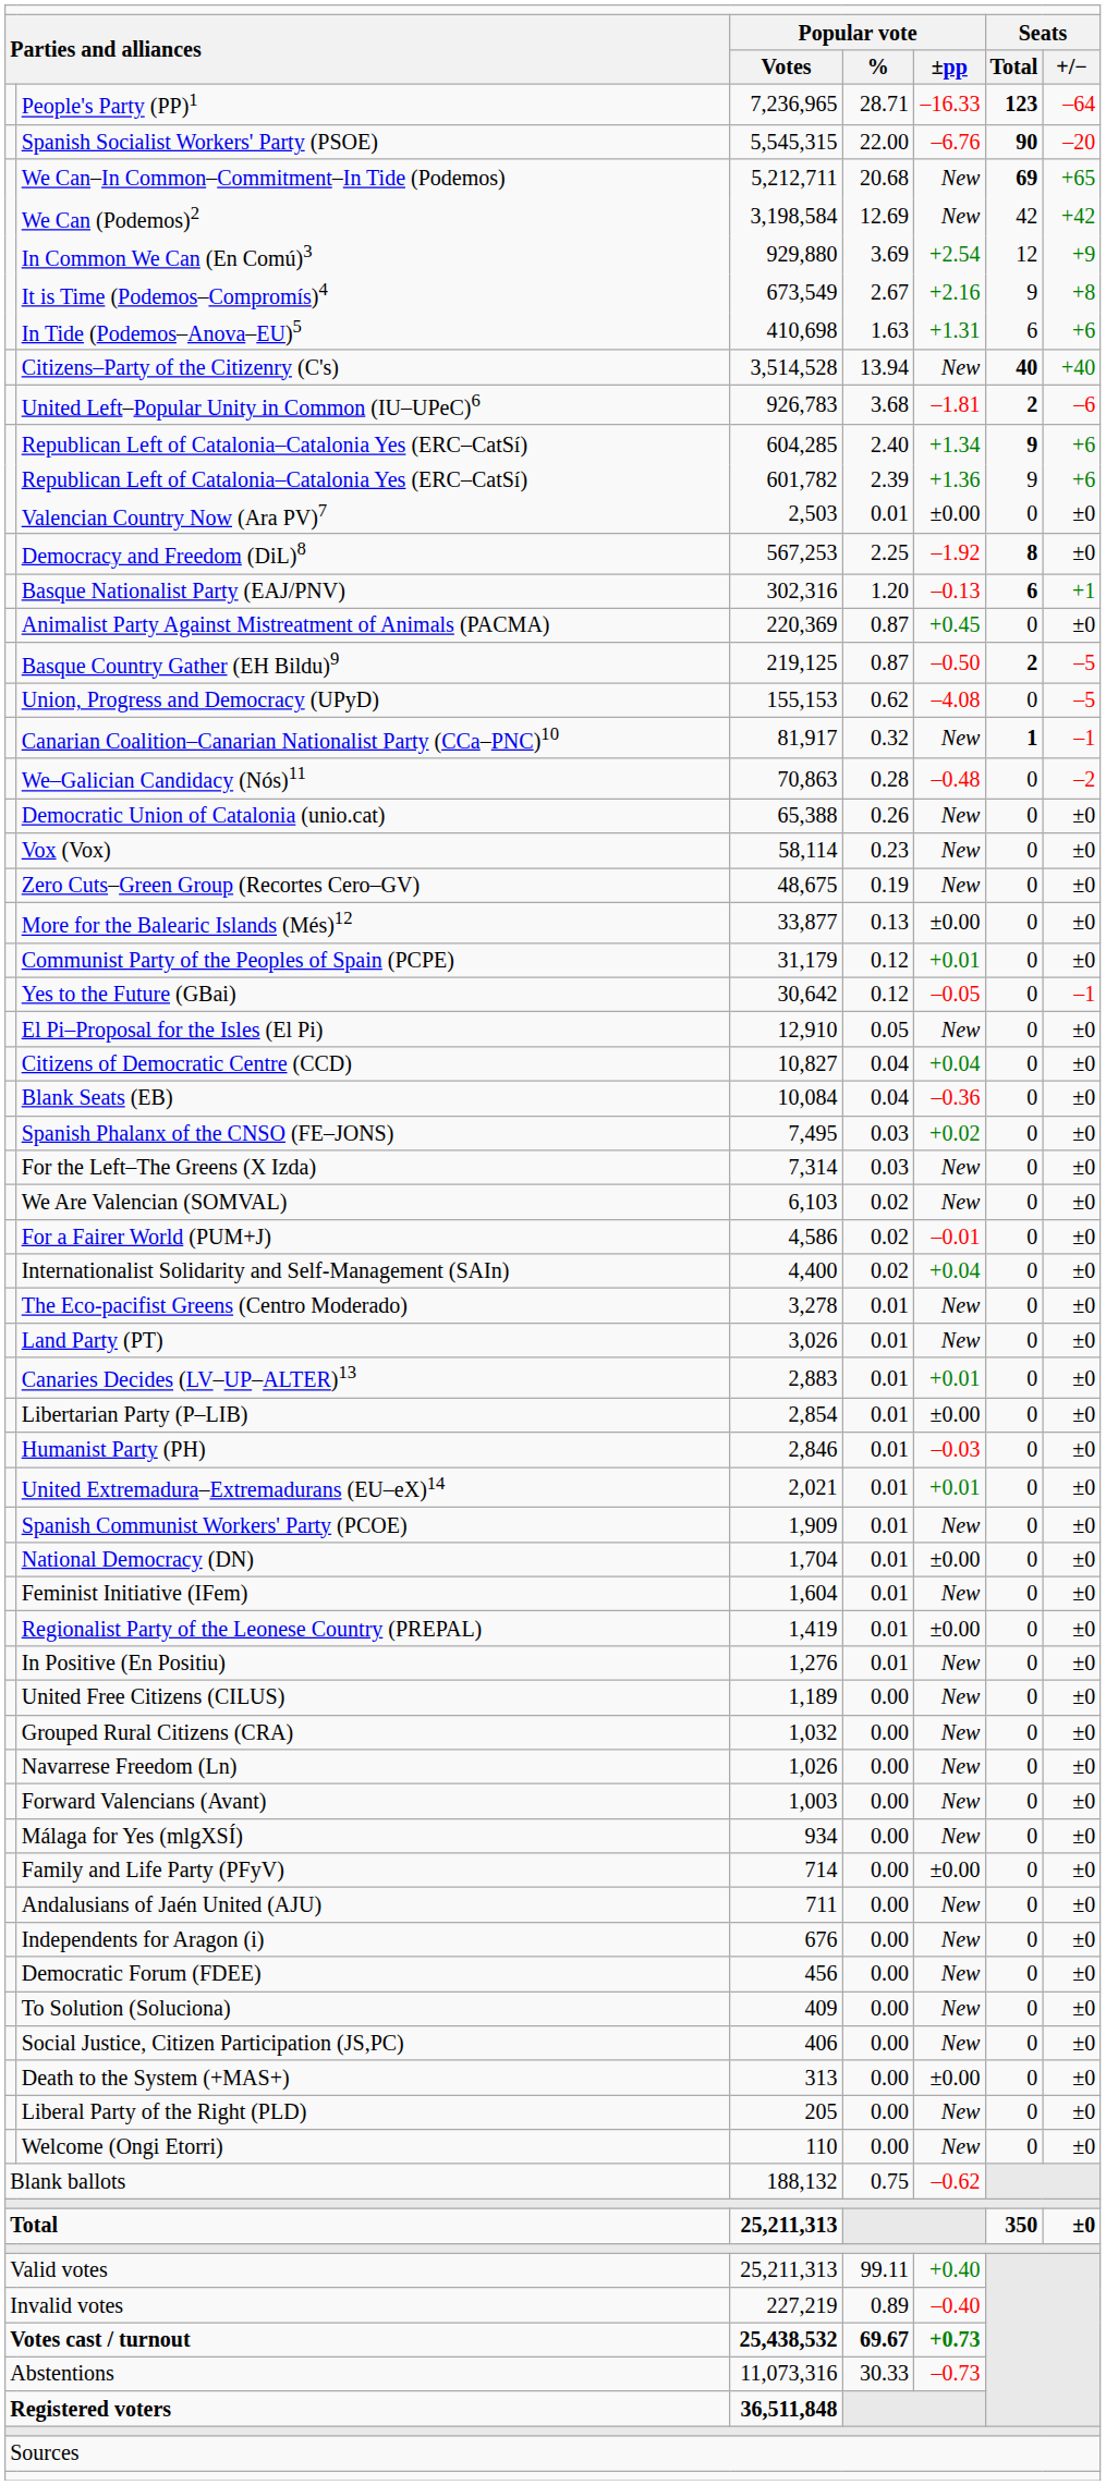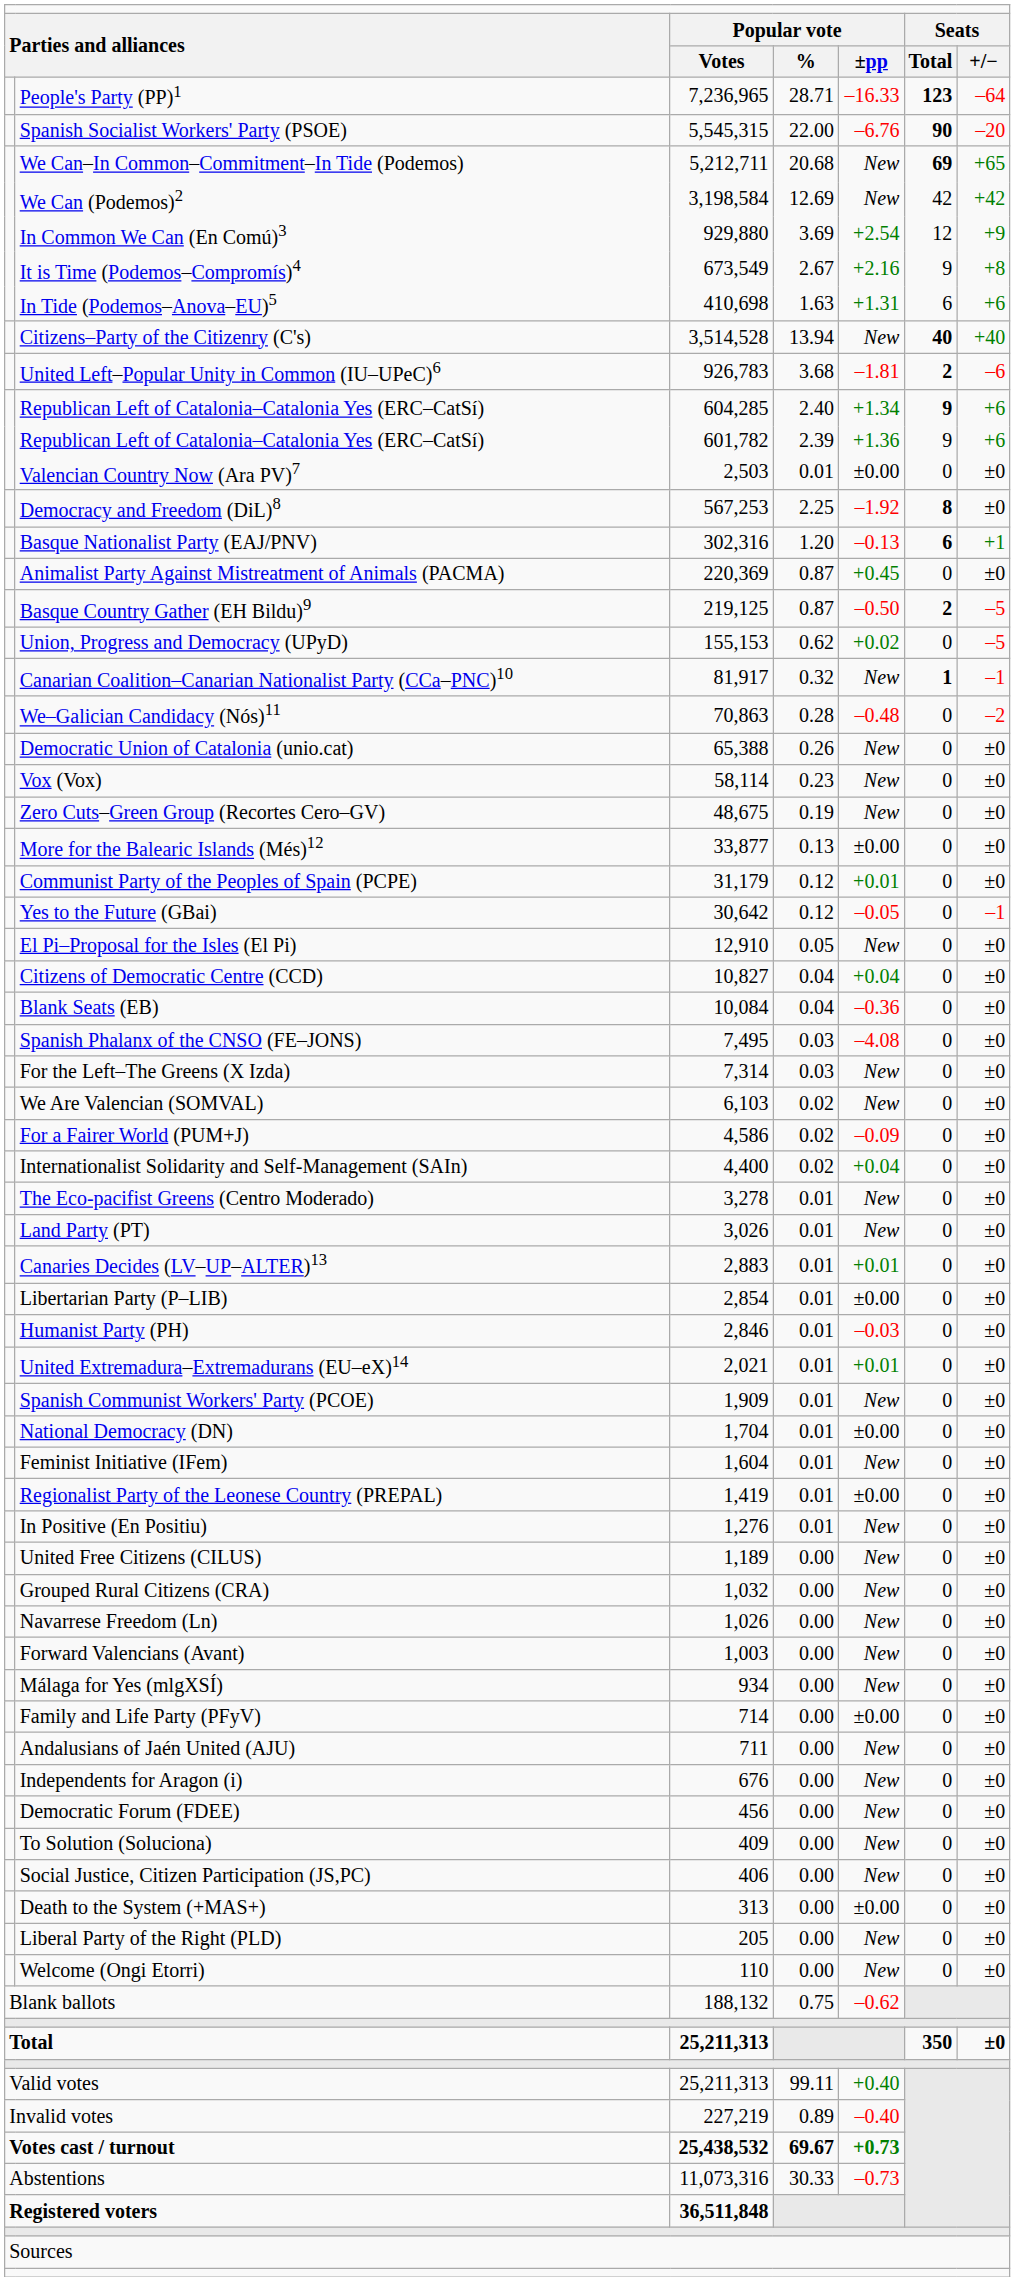 <table class="wikitable" style="text-align:right;">
 <tr>
 <td colspan="7"></td>
 </tr>
 <tr>
 <th style="text-align:left;" rowspan="2" colspan="2" width="525">Parties and alliances</th>
 <th colspan="3">Popular vote</th>
 <th colspan="2">Seats</th>
 </tr>
 <tr>
 <th width="75">Votes</th>
 <th width="45">%</th>
 <th width="45">±<a href='#'>pp</a></th>
 <th width="35">Total</th>
 <th width="35">+/−</th>
 </tr>
 <tr>
 <td width="1" style="color:inherit;background:"></td>
 <td align="left"><a href='#'>People's Party</a> (PP)<sup>1</sup></td>
 <td>7,236,965</td>
 <td>28.71</td>
 <td style="color:red;">–16.33</td>
 <td><strong>123</strong></td>
 <td style="color:red;">–64</td>
 </tr>
 <tr>
 <td style="color:inherit;background:"></td>
 <td align="left"><a href='#'>Spanish Socialist Workers' Party</a> (PSOE)</td>
 <td>5,545,315</td>
 <td>22.00</td>
 <td style="color:red;">–6.76</td>
 <td><strong>90</strong></td>
 <td style="color:red;">–20</td>
 </tr>
 <tr style="line-height:22px;">
 <td rowspan="5" style="color:inherit;background:"></td>
 <td align="left"><a href='#'>We Can</a>–<a href='#'>In Common</a>–<a href='#'>Commitment</a>–<a href='#'>In Tide</a> (Podemos)</td>
 <td>5,212,711</td>
 <td>20.68</td>
 <td><em>New</em></td>
 <td><strong>69</strong></td>
 <td style="color:green;">+65</td>
 </tr>
 <tr style="border-bottom-style:hidden; border-top-style:hidden; line-height:16px;">
 <td align="left"><span><a href='#'>We Can</a> (Podemos)<sup>2</sup></span></td>
 <td>3,198,584</td>
 <td>12.69</td>
 <td><em>New</em></td>
 <td>42</td>
 <td style="color:green;">+42</td>
 </tr>
 <tr style="border-bottom-style:hidden; line-height:16px;">
 <td align="left"><span><a href='#'>In Common We Can</a> (En Comú)<sup>3</sup></span></td>
 <td>929,880</td>
 <td>3.69</td>
 <td style="color:green;">+2.54</td>
 <td>12</td>
 <td style="color:green;">+9</td>
 </tr>
 <tr style="border-bottom-style:hidden; line-height:16px;">
 <td align="left"><span><a href='#'>It is Time</a> (<a href='#'>Podemos</a>–<a href='#'>Compromís</a>)<sup>4</sup></span></td>
 <td>673,549</td>
 <td>2.67</td>
 <td style="color:green;">+2.16</td>
 <td>9</td>
 <td style="color:green;">+8</td>
 </tr>
 <tr style="line-height:16px;">
 <td align="left"><span><a href='#'>In Tide</a> (<a href='#'>Podemos</a>–<a href='#'>Anova</a>–<a href='#'>EU</a>)<sup>5</sup></span></td>
 <td>410,698</td>
 <td>1.63</td>
 <td style="color:green;">+1.31</td>
 <td>6</td>
 <td style="color:green;">+6</td>
 </tr>
 <tr>
 <td style="color:inherit;background:"></td>
 <td align="left"><a href='#'>Citizens–Party of the Citizenry</a> (C's)</td>
 <td>3,514,528</td>
 <td>13.94</td>
 <td><em>New</em></td>
 <td><strong>40</strong></td>
 <td style="color:green;">+40</td>
 </tr>
 <tr>
 <td style="color:inherit;background:"></td>
 <td align="left"><a href='#'>United Left</a>–<a href='#'>Popular Unity in Common</a> (IU–UPeC)<sup>6</sup></td>
 <td>926,783</td>
 <td>3.68</td>
 <td style="color:red;">–1.81</td>
 <td><strong>2</strong></td>
 <td style="color:red;">–6</td>
 </tr>
 <tr style="line-height:22px;">
 <td rowspan="3" style="color:inherit;background:"></td>
 <td align="left"><a href='#'>Republican Left of Catalonia–Catalonia Yes</a> (ERC–CatSí)</td>
 <td>604,285</td>
 <td>2.40</td>
 <td style="color:green;">+1.34</td>
 <td><strong>9</strong></td>
 <td style="color:green;">+6</td>
 </tr>
 <tr style="border-bottom-style:hidden; border-top-style:hidden; line-height:16px;">
 <td align="left"><span><a href='#'>Republican Left of Catalonia–Catalonia Yes</a> (ERC–CatSí)</span></td>
 <td>601,782</td>
 <td>2.39</td>
 <td style="color:green;">+1.36</td>
 <td>9</td>
 <td style="color:green;">+6</td>
 </tr>
 <tr style="line-height:16px;">
 <td align="left"><span><a href='#'>Valencian Country Now</a> (Ara PV)<sup>7</sup></span></td>
 <td>2,503</td>
 <td>0.01</td>
 <td>±0.00</td>
 <td>0</td>
 <td>±0</td>
 </tr>
 <tr>
 <td style="color:inherit;background:"></td>
 <td align="left"><a href='#'>Democracy and Freedom</a> (DiL)<sup>8</sup></td>
 <td>567,253</td>
 <td>2.25</td>
 <td style="color:red;">–1.92</td>
 <td><strong>8</strong></td>
 <td>±0</td>
 </tr>
 <tr>
 <td style="color:inherit;background:"></td>
 <td align="left"><a href='#'>Basque Nationalist Party</a> (EAJ/PNV)</td>
 <td>302,316</td>
 <td>1.20</td>
 <td style="color:red;">–0.13</td>
 <td><strong>6</strong></td>
 <td style="color:green;">+1</td>
 </tr>
 <tr>
 <td style="color:inherit;background:"></td>
 <td align="left"><a href='#'>Animalist Party Against Mistreatment of Animals</a> (PACMA)</td>
 <td>220,369</td>
 <td>0.87</td>
 <td style="color:green;">+0.45</td>
 <td>0</td>
 <td>±0</td>
 </tr>
 <tr>
 <td style="color:inherit;background:"></td>
 <td align="left"><a href='#'>Basque Country Gather</a> (EH Bildu)<sup>9</sup></td>
 <td>219,125</td>
 <td>0.87</td>
 <td style="color:red;">–0.50</td>
 <td><strong>2</strong></td>
 <td style="color:red;">–5</td>
 </tr>
 <tr>
 <td style="color:inherit;background:"></td>
 <td align="left"><a href='#'>Union, Progress and Democracy</a> (UPyD)</td>
 <td>155,153</td>
 <td>0.62</td>
-<td style="color:red;">–4.08</td>
+<td style="color:green;">+0.02</td>
 <td>0</td>
 <td style="color:red;">–5</td>
 </tr>
 <tr>
 <td style="color:inherit;background:"></td>
 <td align="left"><a href='#'>Canarian Coalition–Canarian Nationalist Party</a> (<a href='#'>CCa</a>–<a href='#'>PNC</a>)<sup>10</sup></td>
 <td>81,917</td>
 <td>0.32</td>
 <td><em>New</em></td>
 <td><strong>1</strong></td>
 <td style="color:red;">–1</td>
 </tr>
 <tr>
 <td style="color:inherit;background:"></td>
 <td align="left"><a href='#'>We–Galician Candidacy</a> (Nós)<sup>11</sup></td>
 <td>70,863</td>
 <td>0.28</td>
 <td style="color:red;">–0.48</td>
 <td>0</td>
 <td style="color:red;">–2</td>
 </tr>
 <tr>
 <td style="color:inherit;background:"></td>
 <td align="left"><a href='#'>Democratic Union of Catalonia</a> (unio.cat)</td>
 <td>65,388</td>
 <td>0.26</td>
 <td><em>New</em></td>
 <td>0</td>
 <td>±0</td>
 </tr>
 <tr>
 <td style="color:inherit;background:"></td>
 <td align="left"><a href='#'>Vox</a> (Vox)</td>
 <td>58,114</td>
 <td>0.23</td>
 <td><em>New</em></td>
 <td>0</td>
 <td>±0</td>
 </tr>
 <tr>
 <td style="color:inherit;background:"></td>
 <td align="left"><a href='#'>Zero Cuts</a>–<a href='#'>Green Group</a> (Recortes Cero–GV)</td>
 <td>48,675</td>
 <td>0.19</td>
 <td><em>New</em></td>
 <td>0</td>
 <td>±0</td>
 </tr>
 <tr>
 <td style="color:inherit;background:"></td>
 <td align="left"><a href='#'>More for the Balearic Islands</a> (Més)<sup>12</sup></td>
 <td>33,877</td>
 <td>0.13</td>
 <td>±0.00</td>
 <td>0</td>
 <td>±0</td>
 </tr>
 <tr>
 <td style="color:inherit;background:"></td>
 <td align="left"><a href='#'>Communist Party of the Peoples of Spain</a> (PCPE)</td>
 <td>31,179</td>
 <td>0.12</td>
 <td style="color:green;">+0.01</td>
 <td>0</td>
 <td>±0</td>
 </tr>
 <tr>
 <td style="color:inherit;background:"></td>
 <td align="left"><a href='#'>Yes to the Future</a> (GBai)</td>
 <td>30,642</td>
 <td>0.12</td>
 <td style="color:red;">–0.05</td>
 <td>0</td>
 <td style="color:red;">–1</td>
 </tr>
 <tr>
 <td style="color:inherit;background:"></td>
 <td align="left"><a href='#'>El Pi–Proposal for the Isles</a> (El Pi)</td>
 <td>12,910</td>
 <td>0.05</td>
 <td><em>New</em></td>
 <td>0</td>
 <td>±0</td>
 </tr>
 <tr>
 <td style="color:inherit;background:"></td>
 <td align="left"><a href='#'>Citizens of Democratic Centre</a> (CCD)</td>
 <td>10,827</td>
 <td>0.04</td>
 <td style="color:green;">+0.04</td>
 <td>0</td>
 <td>±0</td>
 </tr>
 <tr>
 <td style="color:inherit;background:"></td>
 <td align="left"><a href='#'>Blank Seats</a> (EB)</td>
 <td>10,084</td>
 <td>0.04</td>
 <td style="color:red;">–0.36</td>
 <td>0</td>
 <td>±0</td>
 </tr>
 <tr>
 <td style="color:inherit;background:"></td>
 <td align="left"><a href='#'>Spanish Phalanx of the CNSO</a> (FE–JONS)</td>
 <td>7,495</td>
 <td>0.03</td>
-<td style="color:green;">+0.02</td>
+<td style="color:red;">–4.08</td>
 <td>0</td>
 <td>±0</td>
 </tr>
 <tr>
 <td style="color:inherit;background:"></td>
 <td align="left">For the Left–The Greens (X Izda)</td>
 <td>7,314</td>
 <td>0.03</td>
 <td><em>New</em></td>
 <td>0</td>
 <td>±0</td>
 </tr>
 <tr>
 <td style="color:inherit;background:"></td>
 <td align="left">We Are Valencian (SOMVAL)</td>
 <td>6,103</td>
 <td>0.02</td>
 <td><em>New</em></td>
 <td>0</td>
 <td>±0</td>
 </tr>
 <tr>
 <td style="color:inherit;background:"></td>
 <td align="left"><a href='#'>For a Fairer World</a> (PUM+J)</td>
 <td>4,586</td>
 <td>0.02</td>
-<td style="color:red;">–0.01</td>
+<td style="color:red;">–0.09</td>
 <td>0</td>
 <td>±0</td>
 </tr>
 <tr>
 <td style="color:inherit;background:"></td>
 <td align="left">Internationalist Solidarity and Self-Management (SAIn)</td>
 <td>4,400</td>
 <td>0.02</td>
 <td style="color:green;">+0.04</td>
 <td>0</td>
 <td>±0</td>
 </tr>
 <tr>
 <td style="color:inherit;background:"></td>
 <td align="left"><a href='#'>The Eco-pacifist Greens</a> (Centro Moderado)</td>
 <td>3,278</td>
 <td>0.01</td>
 <td><em>New</em></td>
 <td>0</td>
 <td>±0</td>
 </tr>
 <tr>
 <td style="color:inherit;background:"></td>
 <td align="left"><a href='#'>Land Party</a> (PT)</td>
 <td>3,026</td>
 <td>0.01</td>
 <td><em>New</em></td>
 <td>0</td>
 <td>±0</td>
 </tr>
 <tr>
 <td style="color:inherit;background:"></td>
 <td align="left"><a href='#'>Canaries Decides</a> (<a href='#'>LV</a>–<a href='#'>UP</a>–<a href='#'>ALTER</a>)<sup>13</sup></td>
 <td>2,883</td>
 <td>0.01</td>
 <td style="color:green;">+0.01</td>
 <td>0</td>
 <td>±0</td>
 </tr>
 <tr>
 <td style="color:inherit;background:"></td>
 <td align="left">Libertarian Party (P–LIB)</td>
 <td>2,854</td>
 <td>0.01</td>
 <td>±0.00</td>
 <td>0</td>
 <td>±0</td>
 </tr>
 <tr>
 <td style="color:inherit;background:"></td>
 <td align="left"><a href='#'>Humanist Party</a> (PH)</td>
 <td>2,846</td>
 <td>0.01</td>
 <td style="color:red;">–0.03</td>
 <td>0</td>
 <td>±0</td>
 </tr>
 <tr>
 <td style="color:inherit;background:"></td>
 <td align="left"><a href='#'>United Extremadura</a>–<a href='#'>Extremadurans</a> (EU–eX)<sup>14</sup></td>
 <td>2,021</td>
 <td>0.01</td>
 <td style="color:green;">+0.01</td>
 <td>0</td>
 <td>±0</td>
 </tr>
 <tr>
 <td style="color:inherit;background:"></td>
 <td align="left"><a href='#'>Spanish Communist Workers' Party</a> (PCOE)</td>
 <td>1,909</td>
 <td>0.01</td>
 <td><em>New</em></td>
 <td>0</td>
 <td>±0</td>
 </tr>
 <tr>
 <td style="color:inherit;background:"></td>
 <td align="left"><a href='#'>National Democracy</a> (DN)</td>
 <td>1,704</td>
 <td>0.01</td>
 <td>±0.00</td>
 <td>0</td>
 <td>±0</td>
 </tr>
 <tr>
 <td style="color:inherit;background:"></td>
 <td align="left">Feminist Initiative (IFem)</td>
 <td>1,604</td>
 <td>0.01</td>
 <td><em>New</em></td>
 <td>0</td>
 <td>±0</td>
 </tr>
 <tr>
 <td style="color:inherit;background:"></td>
 <td align="left"><a href='#'>Regionalist Party of the Leonese Country</a> (PREPAL)</td>
 <td>1,419</td>
 <td>0.01</td>
 <td>±0.00</td>
 <td>0</td>
 <td>±0</td>
 </tr>
 <tr>
 <td style="color:inherit;background:"></td>
 <td align="left">In Positive (En Positiu)</td>
 <td>1,276</td>
 <td>0.01</td>
 <td><em>New</em></td>
 <td>0</td>
 <td>±0</td>
 </tr>
 <tr>
 <td style="color:inherit;background:"></td>
 <td align="left">United Free Citizens (CILUS)</td>
 <td>1,189</td>
 <td>0.00</td>
 <td><em>New</em></td>
 <td>0</td>
 <td>±0</td>
 </tr>
 <tr>
 <td style="color:inherit;background:"></td>
 <td align="left">Grouped Rural Citizens (CRA)</td>
 <td>1,032</td>
 <td>0.00</td>
 <td><em>New</em></td>
 <td>0</td>
 <td>±0</td>
 </tr>
 <tr>
 <td style="color:inherit;background:"></td>
 <td align="left">Navarrese Freedom (Ln)</td>
 <td>1,026</td>
 <td>0.00</td>
 <td><em>New</em></td>
 <td>0</td>
 <td>±0</td>
 </tr>
 <tr>
 <td style="color:inherit;background:"></td>
 <td align="left">Forward Valencians (Avant)</td>
 <td>1,003</td>
 <td>0.00</td>
 <td><em>New</em></td>
 <td>0</td>
 <td>±0</td>
 </tr>
 <tr>
 <td style="color:inherit;background:"></td>
 <td align="left">Málaga for Yes (mlgXSÍ)</td>
 <td>934</td>
 <td>0.00</td>
 <td><em>New</em></td>
 <td>0</td>
 <td>±0</td>
 </tr>
 <tr>
 <td style="color:inherit;background:"></td>
 <td align="left">Family and Life Party (PFyV)</td>
 <td>714</td>
 <td>0.00</td>
 <td>±0.00</td>
 <td>0</td>
 <td>±0</td>
 </tr>
 <tr>
 <td style="color:inherit;background:"></td>
 <td align="left">Andalusians of Jaén United (AJU)</td>
 <td>711</td>
 <td>0.00</td>
 <td><em>New</em></td>
 <td>0</td>
 <td>±0</td>
 </tr>
 <tr>
 <td style="color:inherit;background:"></td>
 <td align="left">Independents for Aragon (i)</td>
 <td>676</td>
 <td>0.00</td>
 <td><em>New</em></td>
 <td>0</td>
 <td>±0</td>
 </tr>
 <tr>
 <td style="color:inherit;background:"></td>
 <td align="left">Democratic Forum (FDEE)</td>
 <td>456</td>
 <td>0.00</td>
 <td><em>New</em></td>
 <td>0</td>
 <td>±0</td>
 </tr>
 <tr>
 <td style="color:inherit;background:"></td>
 <td align="left">To Solution (Soluciona)</td>
 <td>409</td>
 <td>0.00</td>
 <td><em>New</em></td>
 <td>0</td>
 <td>±0</td>
 </tr>
 <tr>
 <td style="color:inherit;background:"></td>
 <td align="left">Social Justice, Citizen Participation (JS,PC)</td>
 <td>406</td>
 <td>0.00</td>
 <td><em>New</em></td>
 <td>0</td>
 <td>±0</td>
 </tr>
 <tr>
 <td style="color:inherit;background:"></td>
 <td align="left">Death to the System (+MAS+)</td>
 <td>313</td>
 <td>0.00</td>
 <td>±0.00</td>
 <td>0</td>
 <td>±0</td>
 </tr>
 <tr>
 <td style="color:inherit;background:"></td>
 <td align="left">Liberal Party of the Right (PLD)</td>
 <td>205</td>
 <td>0.00</td>
 <td><em>New</em></td>
 <td>0</td>
 <td>±0</td>
 </tr>
 <tr>
 <td style="color:inherit;background:"></td>
 <td align="left">Welcome (Ongi Etorri)</td>
 <td>110</td>
 <td>0.00</td>
 <td><em>New</em></td>
 <td>0</td>
 <td>±0</td>
 </tr>
 <tr>
 <td align="left" colspan="2">Blank ballots</td>
 <td>188,132</td>
 <td>0.75</td>
 <td style="color:red;">–0.62</td>
 <td bgcolor="#E9E9E9" colspan="2"></td>
 </tr>
 <tr>
 <td colspan="7" bgcolor="#E9E9E9"></td>
 </tr>
 <tr style="font-weight:bold;">
 <td align="left" colspan="2">Total</td>
 <td>25,211,313</td>
 <td bgcolor="#E9E9E9" colspan="2"></td>
 <td>350</td>
 <td>±0</td>
 </tr>
 <tr>
 <td colspan="7" bgcolor="#E9E9E9"></td>
 </tr>
 <tr>
 <td align="left" colspan="2">Valid votes</td>
 <td>25,211,313</td>
 <td>99.11</td>
 <td style="color:green;">+0.40</td>
 <td bgcolor="#E9E9E9" colspan="2" rowspan="5"></td>
 </tr>
 <tr>
 <td align="left" colspan="2">Invalid votes</td>
 <td>227,219</td>
 <td>0.89</td>
 <td style="color:red;">–0.40</td>
 </tr>
 <tr style="font-weight:bold;">
 <td align="left" colspan="2">Votes cast / turnout</td>
 <td>25,438,532</td>
 <td>69.67</td>
 <td style="color:green;">+0.73</td>
 </tr>
 <tr>
 <td align="left" colspan="2">Abstentions</td>
 <td>11,073,316</td>
 <td>30.33</td>
 <td style="color:red;">–0.73</td>
 </tr>
 <tr style="font-weight:bold;">
 <td align="left" colspan="2">Registered voters</td>
 <td>36,511,848</td>
 <td bgcolor="#E9E9E9" colspan="2"></td>
 </tr>
 <tr>
 <td colspan="7" bgcolor="#E9E9E9"></td>
 </tr>
 <tr>
 <td align="left" colspan="7">Sources</td>
 </tr>
 <tr>
 <td colspan="7" style="text-align:left; font-size:95%; max-width:790px;"></td>
 </tr>
 </table>
